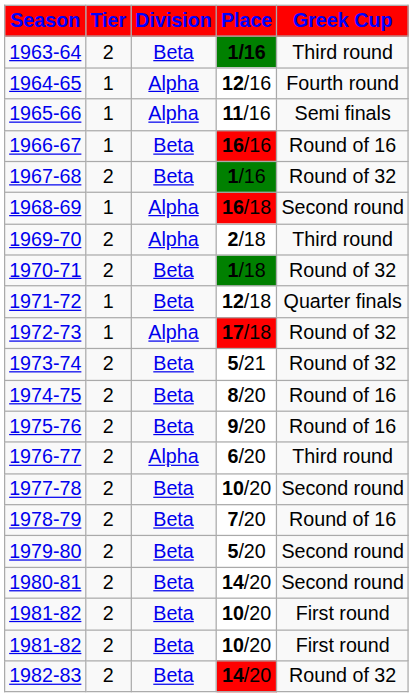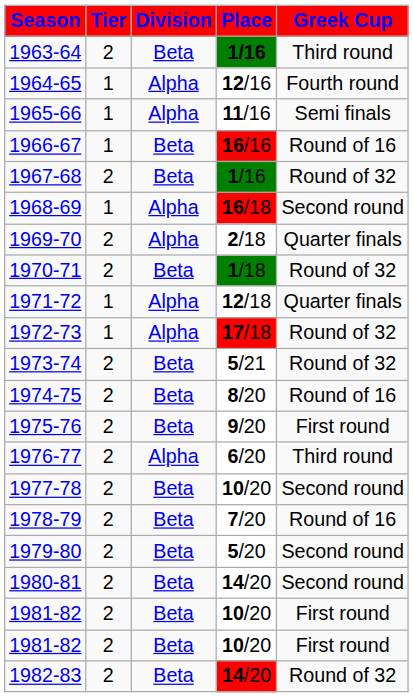 <table class="wikitable" style="text-align:center;display:inline-table;">
 <tr>
 <th style="color:blue; background:red;">Season</th>
 <th style="color:blue; background:red;">Tier</th>
 <th style="color:blue; background:red;">Division</th>
 <th style="color:blue; background:red;">Place</th>
 <th style="color:blue; background:red;">Greek Cup</th>
 </tr>
 <tr>
 <td><a href='#'>1963-64</a></td>
 <td>2</td>
 <td><a href='#'>Beta</a></td>
 <td bgcolor=green><strong>1/16</strong></td>
 <td>Third round</td>
 </tr>
 <tr>
 <td><a href='#'>1964-65</a></td>
 <td>1</td>
 <td><a href='#'>Alpha</a></td>
 <td bgcolor=white><strong>12</strong>/16</td>
 <td>Fourth round</td>
 </tr>
 <tr>
 <td><a href='#'>1965-66</a></td>
 <td>1</td>
 <td><a href='#'>Alpha</a></td>
 <td bgcolor=white><strong>11</strong>/16</td>
 <td>Semi finals</td>
 </tr>
 <tr>
 <td><a href='#'>1966-67</a></td>
 <td>1</td>
 <td><a href='#'>Beta</a></td>
 <td bgcolor=red><strong>16</strong>/16</td>
 <td>Round of 16</td>
 </tr>
 <tr>
 <td><a href='#'>1967-68</a></td>
 <td>2</td>
 <td><a href='#'>Beta</a></td>
 <td bgcolor=green><strong>1</strong>/16</td>
 <td>Round of 32</td>
 </tr>
 <tr>
 <td><a href='#'>1968-69</a></td>
 <td>1</td>
 <td><a href='#'>Alpha</a></td>
 <td bgcolor=red><strong>16</strong>/18</td>
 <td>Second round</td>
 </tr>
 <tr>
 <td><a href='#'>1969-70</a></td>
 <td>2</td>
 <td><a href='#'>Alpha</a></td>
 <td bgcolor=white><strong>2</strong>/18</td>
-<td>Third round</td>
+<td>Quarter finals</td>
 </tr>
 <tr>
 <td><a href='#'>1970-71</a></td>
 <td>2</td>
 <td><a href='#'>Beta</a></td>
 <td bgcolor=green><strong>1</strong>/18</td>
 <td>Round of 32</td>
 </tr>
 <tr>
 <td><a href='#'>1971-72</a></td>
 <td>1</td>
-<td><a href='#'>Beta</a></td>
+<td><a href='#'>Alpha</a></td>
 <td bgcolor=white><strong>12</strong>/18</td>
 <td>Quarter finals</td>
 </tr>
 <tr>
 <td><a href='#'>1972-73</a></td>
 <td>1</td>
 <td><a href='#'>Alpha</a></td>
 <td bgcolor=red><strong>17</strong>/18</td>
 <td>Round of 32</td>
 </tr>
 <tr>
 <td><a href='#'>1973-74</a></td>
 <td>2</td>
 <td><a href='#'>Beta</a></td>
 <td bgcolor=white><strong>5</strong>/21</td>
 <td>Round of 32</td>
 </tr>
 <tr>
 <td><a href='#'>1974-75</a></td>
 <td>2</td>
 <td><a href='#'>Beta</a></td>
 <td bgcolor=white><strong>8</strong>/20</td>
 <td>Round of 16</td>
 </tr>
 <tr>
 <td><a href='#'>1975-76</a></td>
 <td>2</td>
 <td><a href='#'>Beta</a></td>
 <td bgcolor=white><strong>9</strong>/20</td>
-<td>Round of 16</td>
+<td>First round</td>
 </tr>
 <tr>
 <td><a href='#'>1976-77</a></td>
 <td>2</td>
 <td><a href='#'>Alpha</a></td>
 <td bgcolor=white><strong>6</strong>/20</td>
 <td>Third round</td>
 </tr>
 <tr>
 <td><a href='#'>1977-78</a></td>
 <td>2</td>
 <td><a href='#'>Beta</a></td>
 <td bgcolor=white><strong>10</strong>/20</td>
 <td>Second round</td>
 </tr>
 <tr>
 <td><a href='#'>1978-79</a></td>
 <td>2</td>
 <td><a href='#'>Beta</a></td>
 <td bgcolor=white><strong>7</strong>/20</td>
 <td>Round of 16</td>
 </tr>
 <tr>
 <td><a href='#'>1979-80</a></td>
 <td>2</td>
 <td><a href='#'>Beta</a></td>
 <td bgcolor=white><strong>5</strong>/20</td>
 <td>Second round</td>
 </tr>
 <tr>
 <td><a href='#'>1980-81</a></td>
 <td>2</td>
 <td><a href='#'>Beta</a></td>
 <td bgcolor=white><strong>14</strong>/20</td>
 <td>Second round</td>
 </tr>
 <tr>
 <td><a href='#'>1981-82</a></td>
 <td>2</td>
 <td><a href='#'>Beta</a></td>
 <td bgcolor=white><strong>10</strong>/20</td>
 <td>First round</td>
 </tr>
 <tr>
 <td><a href='#'>1981-82</a></td>
 <td>2</td>
 <td><a href='#'>Beta</a></td>
 <td bgcolor=white><strong>10</strong>/20</td>
 <td>First round</td>
 </tr>
 <tr>
 <td><a href='#'>1982-83</a></td>
 <td>2</td>
 <td><a href='#'>Beta</a></td>
 <td bgcolor=red><strong>14</strong>/20</td>
 <td>Round of 32</td>
 </tr>
 </table>
